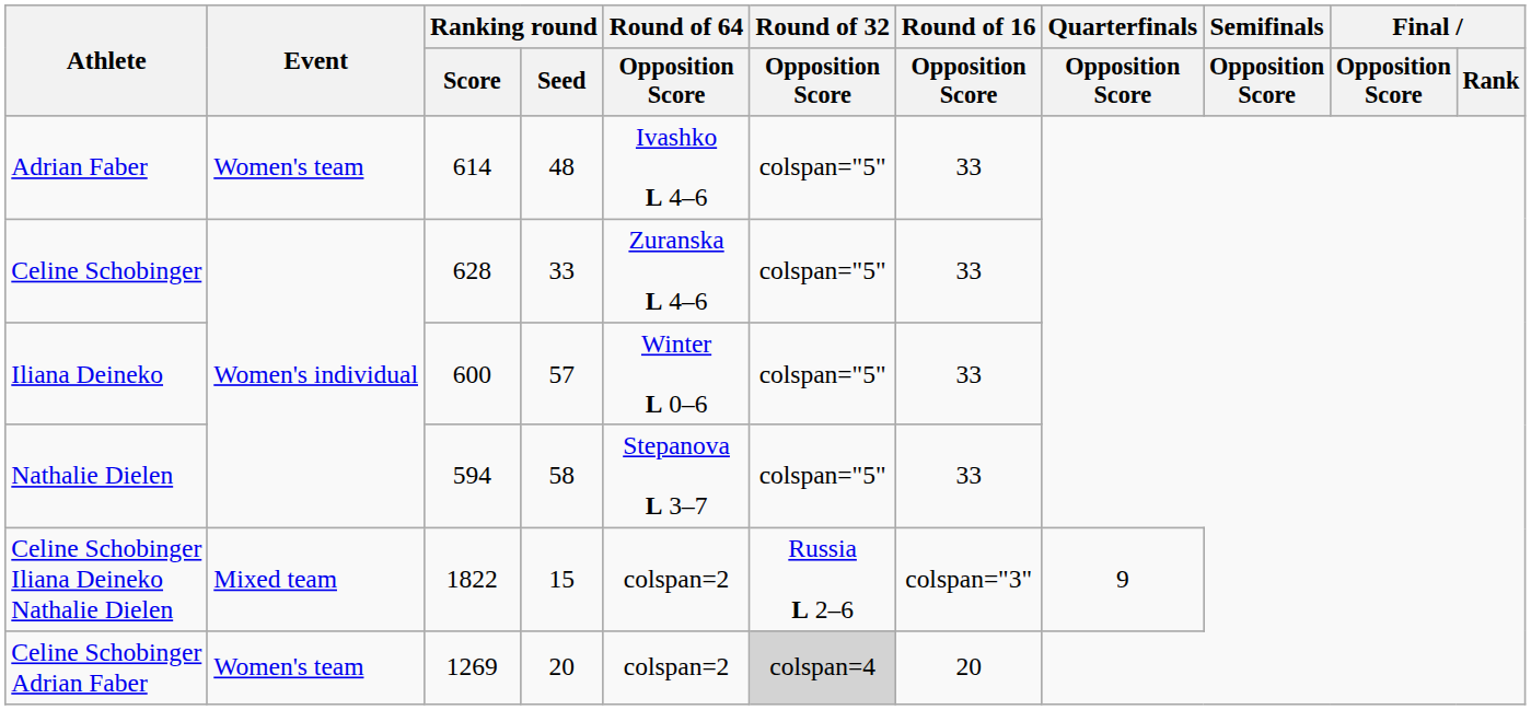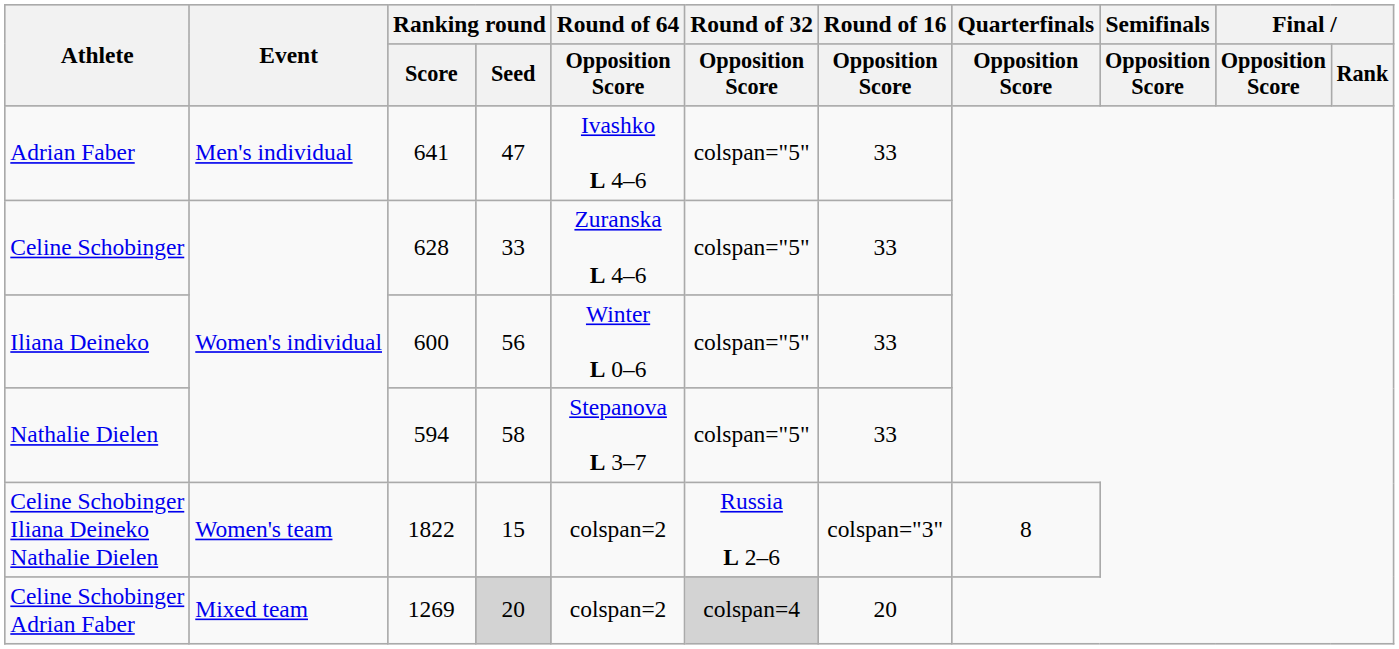 <table class="wikitable" style="font-size:90%">
 <tr>
 <th rowspan=2>Athlete</th>
 <th rowspan=2>Event</th>
 <th colspan=2>Ranking round</th>
 <th>Round of 64</th>
 <th>Round of 32</th>
 <th>Round of 16</th>
 <th>Quarterfinals</th>
 <th>Semifinals</th>
 <th colspan=2>Final / </th>
 </tr>
 <tr style="font-size:95%">
 <th>Score</th>
 <th>Seed</th>
 <th>Opposition<br>Score</th>
 <th>Opposition<br>Score</th>
 <th>Opposition<br>Score</th>
 <th>Opposition<br>Score</th>
 <th>Opposition<br>Score</th>
 <th>Opposition<br>Score</th>
 <th>Rank</th>
 </tr>
 <tr align=center>
 <td align=left><a href='#'>Adrian Faber</a></td>
-<td align=left><a href='#'>Women's team</a></td>
-<td>614</td>
-<td>48</td>
+<td align=left><a href='#'>Men's individual</a></td>
+<td>641</td>
+<td>47</td>
 <td><a href='#'>Ivashko</a><br><br> <strong>L</strong> 4–6</td>
 <td>colspan="5" </td>
 <td>33</td>
 </tr>
 <tr align=center>
 <td align=left><a href='#'>Celine Schobinger</a></td>
 <td style="text-align:left;" rowspan="3"><a href='#'>Women's individual</a></td>
 <td>628</td>
 <td>33</td>
 <td><a href='#'>Zuranska</a><br><br> <strong>L</strong> 4–6</td>
 <td>colspan="5" </td>
 <td>33</td>
 </tr>
 <tr align=center>
 <td align=left><a href='#'>Iliana Deineko</a></td>
 <td>600</td>
-<td>57</td>
+<td>56</td>
 <td><a href='#'>Winter</a><br><br> <strong>L</strong> 0–6</td>
 <td>colspan="5" </td>
 <td>33</td>
 </tr>
 <tr align=center>
 <td align=left><a href='#'>Nathalie Dielen</a></td>
 <td>594</td>
 <td>58</td>
 <td><a href='#'>Stepanova</a><br><br><strong>L</strong> 3–7</td>
 <td>colspan="5" </td>
 <td>33</td>
 </tr>
 <tr align=center>
 <td align=left><a href='#'>Celine Schobinger</a><br><a href='#'>Iliana Deineko</a><br><a href='#'>Nathalie Dielen</a></td>
-<td align=left><a href='#'>Mixed team</a></td>
+<td align=left><a href='#'>Women's team</a></td>
 <td>1822</td>
 <td>15</td>
 <td>colspan=2 </td>
 <td><a href='#'>Russia</a><br><br> <strong>L</strong> 2–6</td>
 <td>colspan="3" </td>
-<td>9</td>
+<td>8</td>
 </tr>
 <tr align=center>
 <td align=left><a href='#'>Celine Schobinger</a><br><a href='#'>Adrian Faber</a></td>
-<td align=left><a href='#'>Women's team</a></td>
+<td align=left><a href='#'>Mixed team</a></td>
 <td>1269</td>
-<td>20</td>
+<td style="background: lightgrey;">20</td>
 <td>colspan=2 </td>
 <td style="background: lightgrey;">colspan=4 </td>
 <td>20</td>
 </tr>
 </table>
